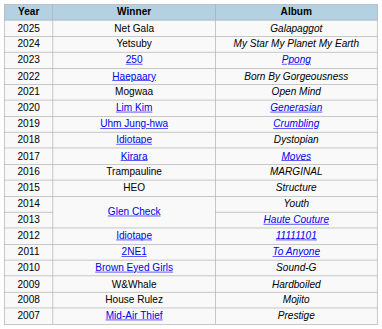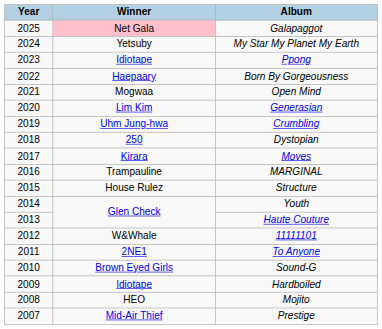 <table class="wikitable" style="text-align: center">
 <tr>
 <th width="70" style="background:#b3d1e3;">Year</th>
 <th width="250" style="background:#b3d1e3;">Winner</th>
 <th width="250" style="background:#b3d1e3;">Album</th>
 </tr>
 <tr>
 <td>2025</td>
-<td>Net Gala</td>
+<td style="background: pink;">Net Gala</td>
 <td><em>Galapaggot</em></td>
 </tr>
 <tr>
 <td>2024</td>
 <td>Yetsuby</td>
 <td><em>My Star My Planet My Earth</em></td>
 </tr>
 <tr>
 <td>2023</td>
-<td><a href='#'>250</a></td>
+<td><a href='#'>Idiotape</a></td>
 <td><em><a href='#'>Ppong</a></em></td>
 </tr>
 <tr>
 <td>2022</td>
 <td><a href='#'>Haepaary</a></td>
 <td><em>Born By Gorgeousness</em></td>
 </tr>
 <tr>
 <td>2021</td>
 <td>Mogwaa</td>
 <td><em>Open Mind</em></td>
 </tr>
 <tr>
 <td>2020</td>
 <td><a href='#'>Lim Kim</a></td>
 <td><em><a href='#'>Generasian</a></em></td>
 </tr>
 <tr>
 <td>2019</td>
 <td><a href='#'>Uhm Jung-hwa</a></td>
 <td><em><a href='#'>Crumbling</a></em></td>
 </tr>
 <tr>
 <td>2018</td>
-<td><a href='#'>Idiotape</a></td>
+<td><a href='#'>250</a></td>
 <td><em>Dystopian</em></td>
 </tr>
 <tr>
 <td>2017</td>
 <td><a href='#'>Kirara</a></td>
 <td><em><a href='#'>Moves</a></em></td>
 </tr>
 <tr>
 <td>2016</td>
 <td>Trampauline</td>
 <td><em>MARGINAL</em></td>
 </tr>
 <tr>
 <td>2015</td>
-<td>HEO</td>
+<td>House Rulez</td>
 <td><em>Structure</em></td>
 </tr>
 <tr>
 <td>2014</td>
 <td rowspan="2"><a href='#'>Glen Check</a></td>
 <td><em>Youth</em></td>
 </tr>
 <tr>
 <td>2013</td>
 <td><em><a href='#'>Haute Couture</a></em></td>
 </tr>
 <tr>
 <td>2012</td>
-<td><a href='#'>Idiotape</a></td>
+<td>W&Whale</td>
 <td><em><a href='#'>11111101</a></em></td>
 </tr>
 <tr>
 <td>2011</td>
 <td><a href='#'>2NE1</a></td>
 <td><em><a href='#'>To Anyone</a></em></td>
 </tr>
 <tr>
 <td>2010</td>
 <td><a href='#'>Brown Eyed Girls</a></td>
 <td><em>Sound-G</em></td>
 </tr>
 <tr>
 <td>2009</td>
-<td>W&Whale</td>
+<td><a href='#'>Idiotape</a></td>
 <td><em>Hardboiled</em></td>
 </tr>
 <tr>
 <td>2008</td>
-<td>House Rulez</td>
+<td>HEO</td>
 <td><em>Mojito</em></td>
 </tr>
 <tr>
 <td>2007</td>
 <td><a href='#'>Mid-Air Thief</a></td>
 <td><em>Prestige</em></td>
 </tr>
 </table>
